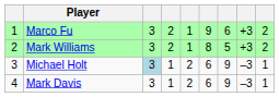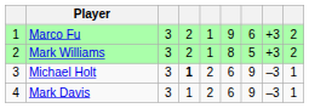 <table class="wikitable" style="text-align: center;">
 <tr>
 <th width=20></th>
 <th width=165>Player</th>
 <th width=20></th>
 <th width=20></th>
 <th width=20></th>
 <th width=20></th>
 <th width=20></th>
 <th width=20></th>
 <th width=20></th>
 </tr>
 <tr style="background:#aaffaa;">
 <td>1</td>
 <td style="text-align:left;"> <a href='#'>Marco Fu</a></td>
 <td>3</td>
 <td>2</td>
 <td>1</td>
 <td>9</td>
 <td>6</td>
 <td>+3</td>
 <td>2</td>
 </tr>
 <tr style="background:#aaffaa;">
 <td>2</td>
 <td style="text-align:left;"> <a href='#'>Mark Williams</a></td>
 <td>3</td>
 <td>2</td>
 <td>1</td>
 <td>8</td>
 <td>5</td>
 <td>+3</td>
 <td>2</td>
 </tr>
 <tr>
 <td>3</td>
 <td style="text-align:left;"> <a href='#'>Michael Holt</a></td>
-<td style="background: lightblue;">3</td>
-<td>1</td>
+<td>3</td>
+<td><strong>1</strong></td>
 <td>2</td>
 <td>6</td>
 <td>9</td>
 <td>–3</td>
 <td>1</td>
 </tr>
 <tr>
 <td>4</td>
 <td style="text-align:left;"> <a href='#'>Mark Davis</a></td>
 <td>3</td>
 <td>1</td>
 <td>2</td>
 <td>6</td>
 <td>9</td>
 <td>–3</td>
 <td>1</td>
 </tr>
 </table>
